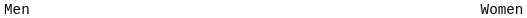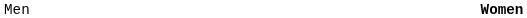 <table class="graytable" width=100% style="text-align:center">
 <tr>
 <td></td>
 <td></td>
 </tr>
 <tr>
 <td>Men</td>
-<td>Women</td>
+<td><strong>Women</strong></td>
 </tr>
 <tr>
 </tr>
 </table>
